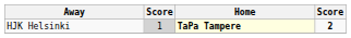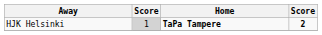 <table class="wikitable">
 <tr>
 <th width="200">Away</th>
 <th width="40">Score</th>
 <th width="200">Home</th>
 <th width="40">Score</th>
 </tr>
 <tr>
 <td>HJK Helsinki</td>
 <td align=center style="background: lightgrey;">1</td>
-<td style="background: lightyellow;"><strong>TaPa Tampere</strong></td>
+<td><strong>TaPa Tampere</strong></td>
 <td align=center><strong>2</strong></td>
 </tr>
 <tr>
 </tr>
 </table>
